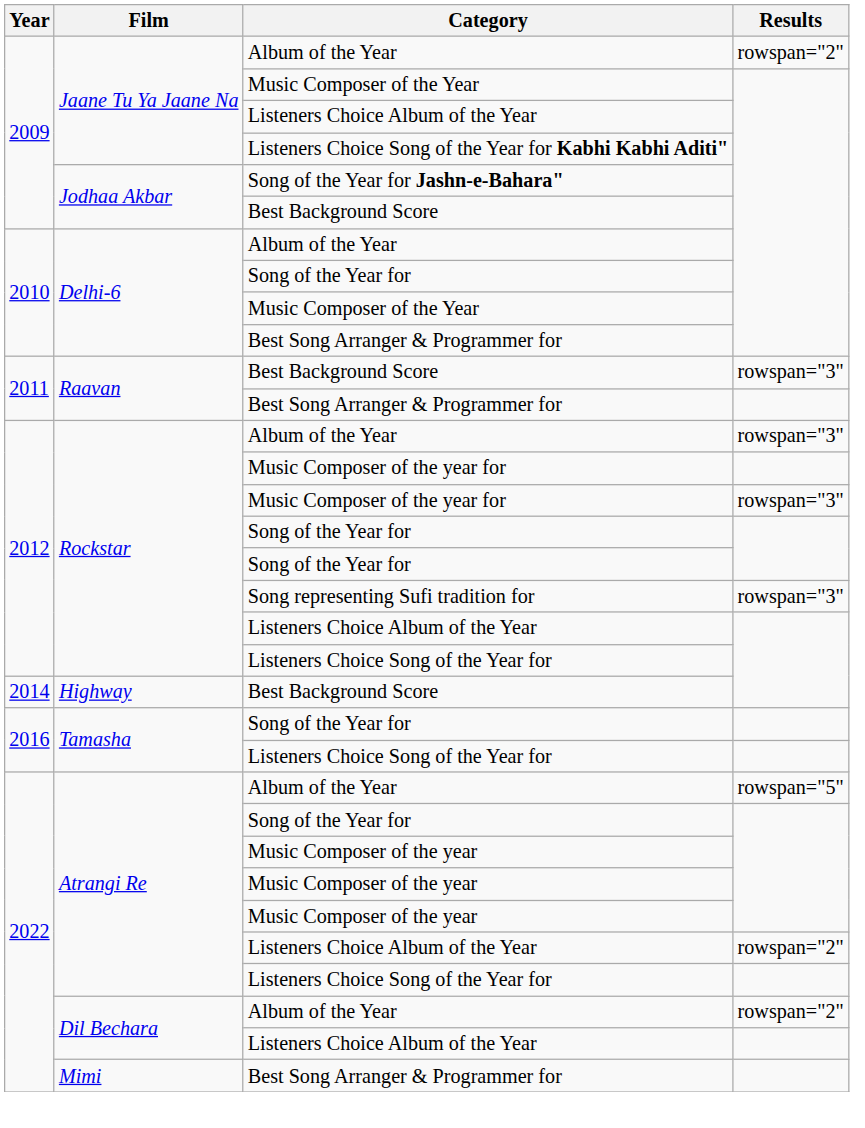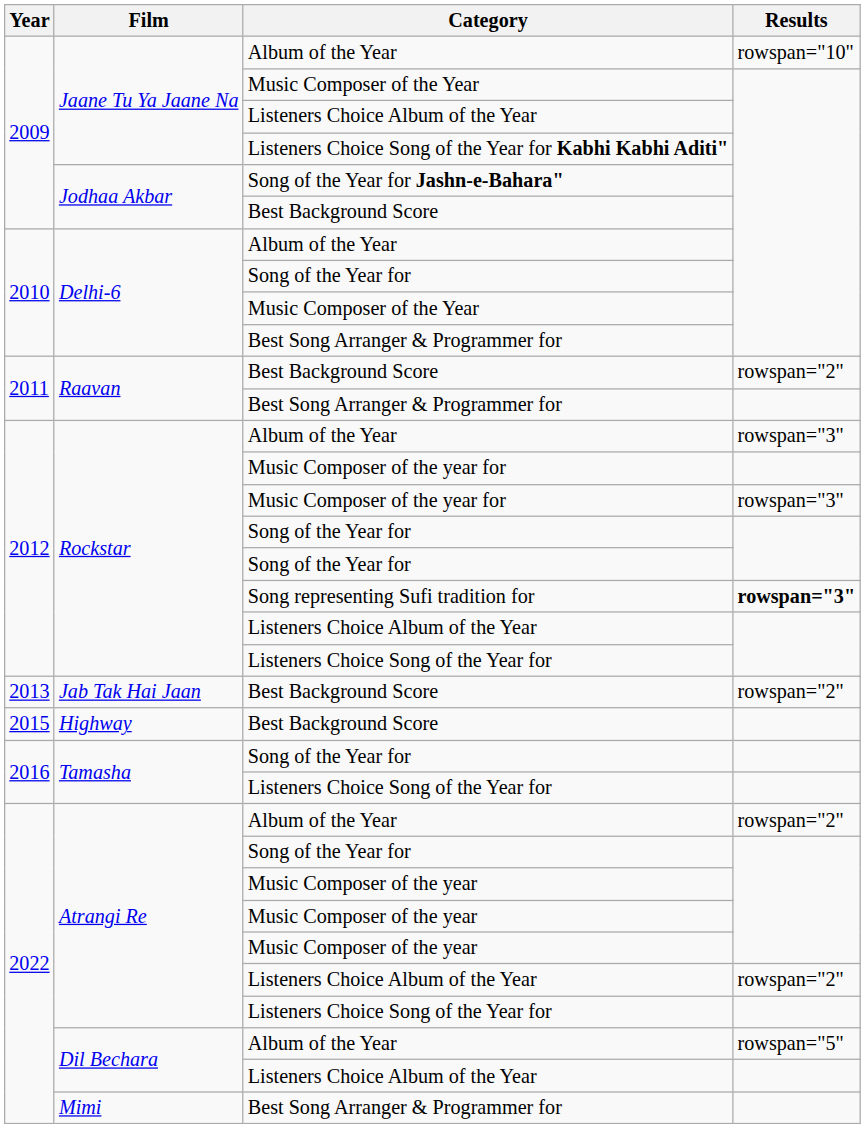 <table class="wikitable">
 <tr>
 <th>Year</th>
 <th>Film</th>
 <th>Category</th>
 <th>Results</th>
 </tr>
 <tr>
 <td rowspan="6"><a href='#'>2009</a></td>
 <td rowspan="4"><em><a href='#'>Jaane Tu Ya Jaane Na</a></em></td>
 <td>Album of the Year</td>
-<td>rowspan="2" </td>
+<td>rowspan="10" </td>
 </tr>
 <tr>
 <td>Music Composer of the Year</td>
 </tr>
 <tr>
 <td>Listeners Choice Album of the Year</td>
 </tr>
 <tr>
 <td>Listeners Choice Song of the Year for <strong>Kabhi Kabhi Aditi"</strong></td>
 </tr>
 <tr>
 <td rowspan="2"><em><a href='#'>Jodhaa Akbar</a></em></td>
 <td>Song of the Year for <strong>Jashn-e-Bahara"</strong></td>
 </tr>
 <tr>
 <td>Best Background Score</td>
 </tr>
 <tr>
 <td rowspan="4"><a href='#'>2010</a></td>
 <td rowspan="4"><em><a href='#'>Delhi-6</a></em></td>
 <td>Album of the Year</td>
 </tr>
 <tr>
 <td>Song of the Year for <strong></strong></td>
 </tr>
 <tr>
 <td>Music Composer of the Year</td>
 </tr>
 <tr>
 <td>Best Song Arranger & Programmer for <strong></strong></td>
 </tr>
 <tr>
 <td rowspan="2"><a href='#'>2011</a></td>
 <td rowspan="2"><em><a href='#'>Raavan</a></em></td>
 <td>Best Background Score</td>
-<td>rowspan="3" </td>
+<td>rowspan="2" </td>
 </tr>
 <tr>
 <td>Best Song Arranger & Programmer for <strong></strong></td>
 </tr>
 <tr>
 <td rowspan="8"><a href='#'>2012</a></td>
 <td rowspan="8"><em><a href='#'>Rockstar</a></em></td>
 <td>Album of the Year</td>
 <td>rowspan="3" </td>
 </tr>
 <tr>
 <td>Music Composer of the year for <strong></strong></td>
 </tr>
 <tr>
 <td>Music Composer of the year for <strong></strong></td>
 <td>rowspan="3" </td>
 </tr>
 <tr>
 <td>Song of the Year for <strong></strong></td>
 </tr>
 <tr>
 <td>Song of the Year for <strong></strong></td>
 </tr>
 <tr>
 <td>Song representing Sufi tradition for <strong></strong></td>
-<td>rowspan="3" </td>
+<td><strong>rowspan="3" </strong></td>
 </tr>
 <tr>
 <td>Listeners Choice Album of the Year</td>
 </tr>
 <tr>
 <td>Listeners Choice Song of the Year for <strong></strong></td>
 </tr>
 <tr>
-<td><a href='#'>2014</a></td>
+<td><a href='#'>2013</a></td>
+<td><em><a href='#'>Jab Tak Hai Jaan</a></em></td>
+<td>Best Background Score</td>
+<td>rowspan="2" </td>
+</tr>
+<tr>
+<td><a href='#'>2015</a></td>
 <td><em><a href='#'>Highway</a></em></td>
 <td>Best Background Score</td>
 </tr>
 <tr>
 <td rowspan="2"><a href='#'>2016</a></td>
 <td rowspan="2"><em><a href='#'>Tamasha</a></em></td>
 <td>Song of the Year for <strong></strong></td>
 <td></td>
 </tr>
 <tr>
 <td>Listeners Choice Song of the Year for <strong></strong></td>
 <td></td>
 </tr>
 <tr>
 <td rowspan="10"><a href='#'>2022</a></td>
 <td rowspan="7"><em><a href='#'>Atrangi Re</a></em></td>
 <td>Album of the Year</td>
-<td>rowspan="5" </td>
+<td>rowspan="2" </td>
 </tr>
 <tr>
 <td>Song of the Year for <strong></strong></td>
 </tr>
 <tr>
 <td>Music Composer of the year <strong></strong></td>
 </tr>
 <tr>
 <td>Music Composer of the year <strong></strong></td>
 </tr>
 <tr>
 <td>Music Composer of the year <strong></strong></td>
 </tr>
 <tr>
 <td>Listeners Choice Album of the Year</td>
 <td>rowspan="2" </td>
 </tr>
 <tr>
 <td>Listeners Choice Song of the Year for <strong></strong></td>
 </tr>
 <tr>
 <td rowspan="2"><em><a href='#'>Dil Bechara</a></em></td>
 <td>Album of the Year</td>
-<td>rowspan="2" </td>
+<td>rowspan="5" </td>
 </tr>
 <tr>
 <td>Listeners Choice Album of the Year</td>
 </tr>
 <tr>
 <td><em><a href='#'>Mimi</a></em></td>
 <td>Best Song Arranger & Programmer for <strong></strong></td>
 <td></td>
 </tr>
 </table>
